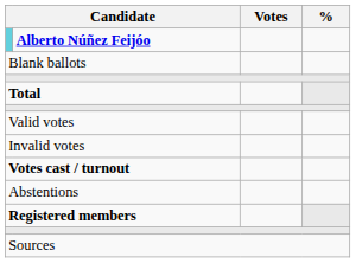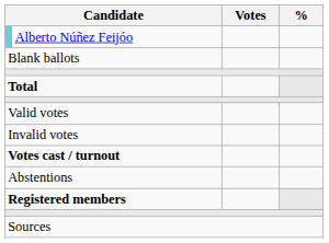 <table class="wikitable" style="text-align:right;">
 <tr>
 <th colspan="2" width="250">Candidate</th>
 <th width="60">Votes</th>
 <th width="45">%</th>
 </tr>
 <tr>
 <td width="1" style="color:inherit;background:#62D0DD"></td>
-<td align="left"><strong><a href='#'>Alberto Núñez Feijóo</a></strong></td>
+<td align="left"><a href='#'>Alberto Núñez Feijóo</a></td>
 <td></td>
 <td></td>
 </tr>
 <tr>
 <td align="left" colspan="2">Blank ballots</td>
 <td></td>
 <td></td>
 </tr>
 <tr>
 <td colspan="8" bgcolor="#E9E9E9"></td>
 </tr>
 <tr style="font-weight:bold;">
 <td align="left" colspan="2">Total</td>
 <td></td>
 <td bgcolor="#E9E9E9"></td>
 </tr>
 <tr>
 <td colspan="4" bgcolor="#E9E9E9"></td>
 </tr>
 <tr>
 <td align="left" colspan="2">Valid votes</td>
 <td></td>
 <td></td>
 </tr>
 <tr>
 <td align="left" colspan="2">Invalid votes</td>
 <td></td>
 <td></td>
 </tr>
 <tr style="font-weight:bold;">
 <td align="left" colspan="2">Votes cast / turnout</td>
 <td></td>
 <td></td>
 </tr>
 <tr>
 <td align="left" colspan="2">Abstentions</td>
 <td></td>
 <td></td>
 </tr>
 <tr style="font-weight:bold;">
 <td align="left" colspan="2">Registered members</td>
 <td></td>
 <td bgcolor="#E9E9E9"></td>
 </tr>
 <tr>
 <td colspan="4" bgcolor="#E9E9E9"></td>
 </tr>
 <tr>
 <td align="left" colspan="4">Sources</td>
 </tr>
 </table>
